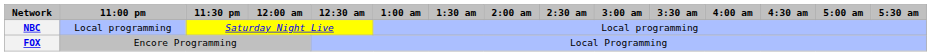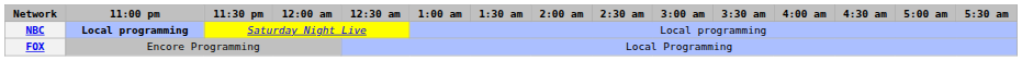 <table class="wikitable" style="width:100%;margin-right:0;text-align:center">
 <tr>
 <th style="background-color:#C0C0C0;text-align:center" colspan="2">Network</th>
 <th style="background-color:#C0C0C0;text-align:center">11:00 pm</th>
 <th style="background-color:#C0C0C0;text-align:center">11:30 pm</th>
 <th style="background-color:#C0C0C0;text-align:center">12:00 am</th>
 <th style="background-color:#C0C0C0;text-align:center">12:30 am</th>
 <th style="background-color:#C0C0C0;text-align:center">1:00 am</th>
 <th style="background-color:#C0C0C0;text-align:center">1:30 am</th>
 <th style="background-color:#C0C0C0;text-align:center">2:00 am</th>
 <th style="background-color:#C0C0C0;text-align:center">2:30 am</th>
 <th style="background-color:#C0C0C0;text-align:center">3:00 am</th>
 <th style="background-color:#C0C0C0;text-align:center">3:30 am</th>
 <th style="background-color:#C0C0C0;text-align:center">4:00 am</th>
 <th style="background-color:#C0C0C0;text-align:center">4:30 am</th>
 <th style="background-color:#C0C0C0;text-align:center">5:00 am</th>
 <th style="background-color:#C0C0C0;text-align:center">5:30 am</th>
 </tr>
 <tr>
 <th colspan="2"><a href='#'>NBC</a></th>
-<td style="background:#abbfff">Local programming</td>
+<td style="background:#abbfff"><strong>Local programming</strong></td>
 <td colspan="3" style="background:yellow"><em><a href='#'>Saturday Night Live</a></em></td>
 <td colspan="10" style="background:#abbfff">Local programming </td>
 </tr>
 <tr>
 <th colspan="2"><a href='#'>FOX</a></th>
 <td colspan="3" style="background:#C0C0C0">Encore Programming</td>
 <td colspan="11" style="background:#abbfff">Local Programming</td>
 </tr>
 </table>
